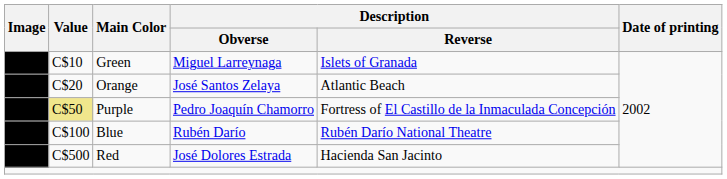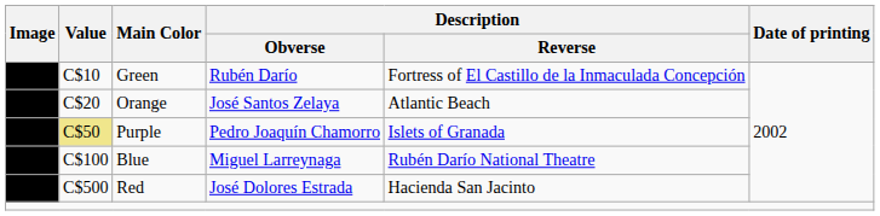 <table class="wikitable" style="font-size: 90%">
 <tr>
 <th rowspan="2">Image</th>
 <th rowspan="2">Value</th>
 <th rowspan="2">Main Color</th>
 <th colspan="2">Description</th>
 <th rowspan="2">Date of printing</th>
 </tr>
 <tr>
 <th>Obverse</th>
 <th>Reverse</th>
 </tr>
 <tr>
 <td align="center" bgcolor="#000000"></td>
 <td>C$10</td>
 <td>Green</td>
-<td><a href='#'>Miguel Larreynaga</a></td>
-<td><a href='#'>Islets of Granada</a></td>
+<td><a href='#'>Rubén Darío</a></td>
+<td>Fortress of <a href='#'>El Castillo de la Inmaculada Concepción</a></td>
 <td rowspan="5">2002</td>
 </tr>
 <tr>
 <td align="center" bgcolor="#000000"></td>
 <td>C$20</td>
 <td>Orange</td>
 <td><a href='#'>José Santos Zelaya</a></td>
 <td>Atlantic Beach</td>
 </tr>
 <tr>
 <td align="center" bgcolor="#000000"></td>
 <td style="background: khaki;">C$50</td>
 <td>Purple</td>
 <td><a href='#'>Pedro Joaquín Chamorro</a></td>
-<td>Fortress of <a href='#'>El Castillo de la Inmaculada Concepción</a></td>
+<td><a href='#'>Islets of Granada</a></td>
 </tr>
 <tr>
 <td align="center" bgcolor="#000000"></td>
 <td>C$100</td>
 <td>Blue</td>
-<td><a href='#'>Rubén Darío</a></td>
+<td><a href='#'>Miguel Larreynaga</a></td>
 <td><a href='#'>Rubén Darío National Theatre</a></td>
 </tr>
 <tr>
 <td align="center" bgcolor="#000000"></td>
 <td>C$500</td>
 <td>Red</td>
 <td><a href='#'>José Dolores Estrada</a></td>
 <td>Hacienda San Jacinto</td>
 </tr>
 <tr>
 <td colspan="6"></td>
 </tr>
 </table>
